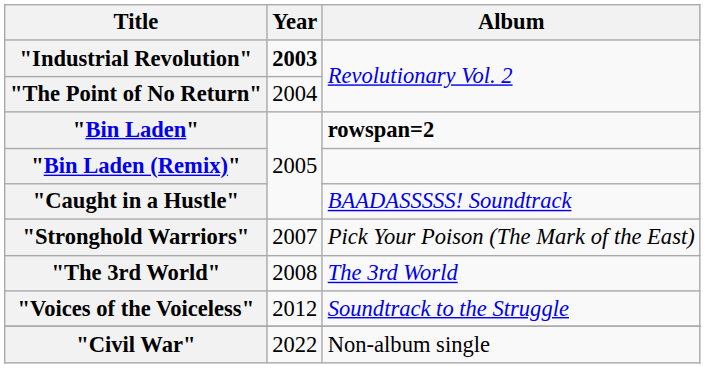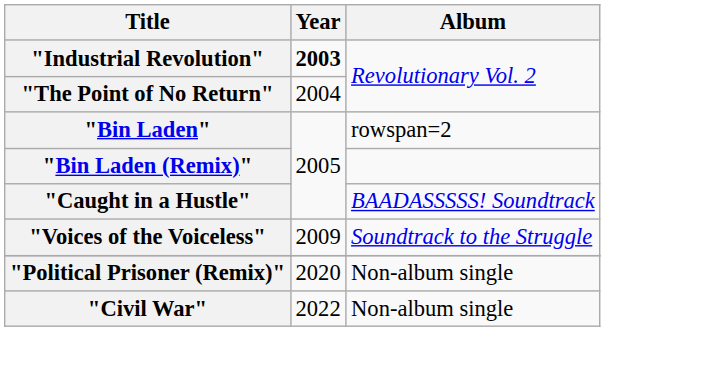 <table class="wikitable">
 <tr>
 <th>Title</th>
 <th>Year</th>
 <th>Album</th>
 </tr>
 <tr>
 <th>"Industrial Revolution"</th>
 <td><strong>2003</strong></td>
 <td rowspan=2><em><a href='#'>Revolutionary Vol. 2</a></em></td>
 </tr>
 <tr>
 <th>"The Point of No Return"</th>
 <td>2004</td>
 </tr>
 <tr>
 <th>"<a href='#'>Bin Laden</a>" </th>
 <td rowspan="3">2005</td>
-<td><strong>rowspan=2 </strong></td>
+<td>rowspan=2 </td>
 </tr>
 <tr>
 <th>"<a href='#'>Bin Laden (Remix)</a>" </th>
 </tr>
 <tr>
 <th>"Caught in a Hustle"</th>
 <td><em><a href='#'>BAADASSSSS! Soundtrack</a></em></td>
 </tr>
 <tr>
-<th>"Stronghold Warriors" </th>
-<td>2007</td>
-<td><em>Pick Your Poison (The Mark of the East)</em></td>
-</tr>
-<tr>
-<th>"The 3rd World"</th>
-<td>2008</td>
-<td><em><a href='#'>The 3rd World</a></em></td>
-</tr>
-<tr>
 <th>"Voices of the Voiceless"<br></th>
-<td>2012</td>
+<td>2009</td>
 <td><em><a href='#'>Soundtrack to the Struggle</a></em></td>
 </tr>
 <tr>
+</tr>
+<tr>
+<th>"Political Prisoner (Remix)"</th>
+<td>2020</td>
+<td>Non-album single</td>
 </tr>
 <tr>
 <th>"Civil War" </th>
 <td>2022</td>
 <td>Non-album single</td>
 </tr>
 </table>
